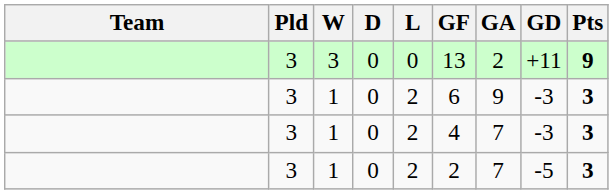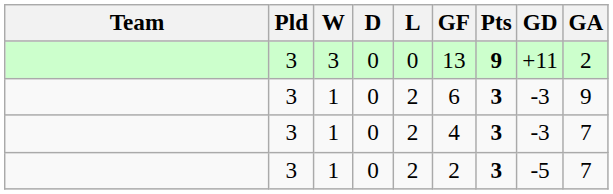 <table class="wikitable" style="text-align: center;">
 <tr>
 <th width="175">Team</th>
 <th width="20">Pld</th>
 <th width="20">W</th>
 <th width="20">D</th>
 <th width="20">L</th>
 <th width="20">GF</th>
+<th width="20">Pts</th>
+<th width="20">GD</th>
 <th width="20">GA</th>
-<th width="20">GD</th>
-<th width="20">Pts</th>
 </tr>
 <tr bgcolor="#ccffcc">
 <td style="text-align:left;"></td>
 <td>3</td>
 <td>3</td>
 <td>0</td>
 <td>0</td>
 <td>13</td>
+<td><strong>9</strong></td>
+<td>+11</td>
 <td>2</td>
-<td>+11</td>
-<td><strong>9</strong></td>
 </tr>
 <tr align=center>
 <td style="text-align:left;"></td>
 <td>3</td>
 <td>1</td>
 <td>0</td>
 <td>2</td>
 <td>6</td>
+<td><strong>3</strong></td>
+<td>-3</td>
 <td>9</td>
-<td>-3</td>
-<td><strong>3</strong></td>
 </tr>
 <tr align=center>
 <td style="text-align:left;"></td>
 <td>3</td>
 <td>1</td>
 <td>0</td>
 <td>2</td>
 <td>4</td>
+<td><strong>3</strong></td>
+<td>-3</td>
 <td>7</td>
-<td>-3</td>
-<td><strong>3</strong></td>
 </tr>
 <tr align=center>
 <td style="text-align:left;"><strong></strong></td>
 <td>3</td>
 <td>1</td>
 <td>0</td>
 <td>2</td>
 <td>2</td>
+<td><strong>3</strong></td>
+<td>-5</td>
 <td>7</td>
-<td>-5</td>
-<td><strong>3</strong></td>
 </tr>
 </table>
